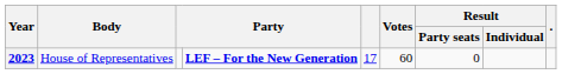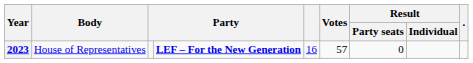 <table class="wikitable plainrowheaders sortable" border=2 cellpadding=4 cellspacing=0 style="border: 1px #aaa solid; font-size: 90%; text-align:center;">
 <tr>
 <th scope="col" rowspan=2>Year</th>
 <th scope="col" rowspan=2>Body</th>
 <th scope="col" colspan=2 rowspan=2>Party</th>
 <th scope="col" rowspan=2></th>
 <th scope="col" rowspan=2>Votes</th>
 <th scope="colgroup" colspan=2>Result</th>
 <th scope="col" rowspan=2 class="unsortable">.</th>
 </tr>
 <tr>
 <th scope="col">Party seats</th>
 <th scope="col">Individual</th>
 </tr>
 <tr>
 <th scope="row"><a href='#'>2023</a></th>
 <td><a href='#'>House of Representatives</a></td>
 <td style="background-color:"></td>
 <td><strong><a href='#'>LEF – For the New Generation</a></strong></td>
-<td style=text-align:right><a href='#'>17</a></td>
-<td style=text-align:right>60</td>
+<td style=text-align:right><a href='#'>16</a></td>
+<td style=text-align:right>57</td>
 <td style=text-align:right>0</td>
 <td></td>
 <td></td>
 </tr>
 </table>
